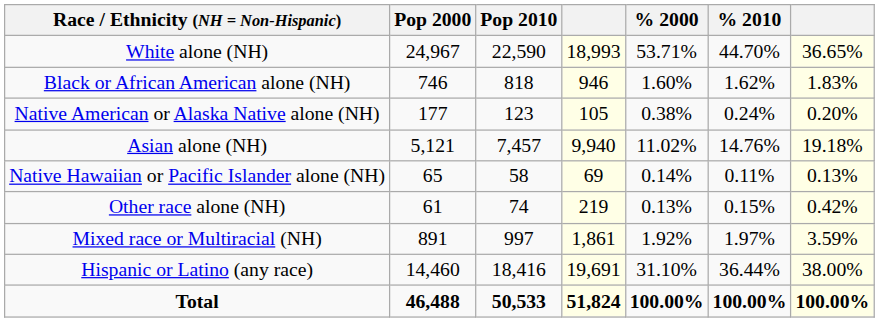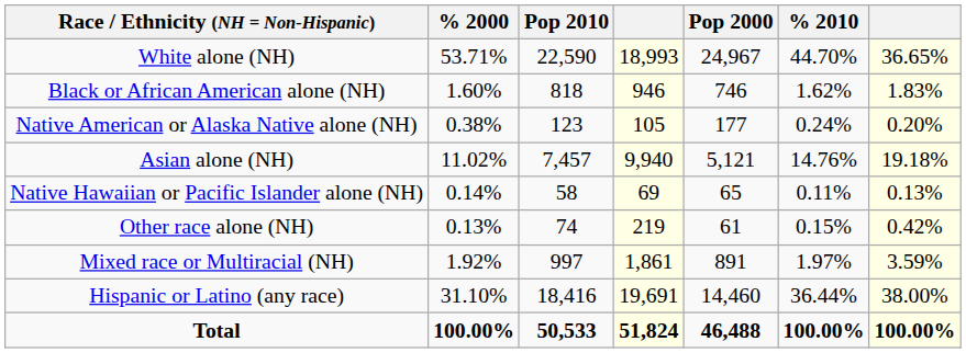 <table class="wikitable" style="text-align:center;">
 <tr>
 <th>Race / Ethnicity <small>(<em>NH = Non-Hispanic</em>)</small></th>
-<th>Pop 2000</th>
+<th>% 2000</th>
 <th>Pop 2010</th>
 <th></th>
-<th>% 2000</th>
+<th>Pop 2000</th>
 <th>% 2010</th>
 <th></th>
 </tr>
 <tr>
 <td><a href='#'>White</a> alone (NH)</td>
-<td>24,967</td>
+<td>53.71%</td>
 <td>22,590</td>
 <td style='background: #ffffe6;'>18,993</td>
-<td>53.71%</td>
+<td>24,967</td>
 <td>44.70%</td>
 <td style='background: #ffffe6;'>36.65%</td>
 </tr>
 <tr>
 <td><a href='#'>Black or African American</a> alone (NH)</td>
-<td>746</td>
+<td>1.60%</td>
 <td>818</td>
 <td style='background: #ffffe6;'>946</td>
-<td>1.60%</td>
+<td>746</td>
 <td>1.62%</td>
 <td style='background: #ffffe6;'>1.83%</td>
 </tr>
 <tr>
 <td><a href='#'>Native American</a> or <a href='#'>Alaska Native</a> alone (NH)</td>
-<td>177</td>
+<td>0.38%</td>
 <td>123</td>
 <td style='background: #ffffe6;'>105</td>
-<td>0.38%</td>
+<td>177</td>
 <td>0.24%</td>
 <td style='background: #ffffe6;'>0.20%</td>
 </tr>
 <tr>
 <td><a href='#'>Asian</a> alone (NH)</td>
-<td>5,121</td>
+<td>11.02%</td>
 <td>7,457</td>
 <td style='background: #ffffe6;'>9,940</td>
-<td>11.02%</td>
+<td>5,121</td>
 <td>14.76%</td>
 <td style='background: #ffffe6;'>19.18%</td>
 </tr>
 <tr>
 <td><a href='#'>Native Hawaiian</a> or <a href='#'>Pacific Islander</a> alone (NH)</td>
-<td>65</td>
+<td>0.14%</td>
 <td>58</td>
 <td style='background: #ffffe6;'>69</td>
-<td>0.14%</td>
+<td>65</td>
 <td>0.11%</td>
 <td style='background: #ffffe6;'>0.13%</td>
 </tr>
 <tr>
 <td><a href='#'>Other race</a> alone (NH)</td>
-<td>61</td>
+<td>0.13%</td>
 <td>74</td>
 <td style='background: #ffffe6;'>219</td>
-<td>0.13%</td>
+<td>61</td>
 <td>0.15%</td>
 <td style='background: #ffffe6;'>0.42%</td>
 </tr>
 <tr>
 <td><a href='#'>Mixed race or Multiracial</a> (NH)</td>
-<td>891</td>
+<td>1.92%</td>
 <td>997</td>
 <td style='background: #ffffe6;'>1,861</td>
-<td>1.92%</td>
+<td>891</td>
 <td>1.97%</td>
 <td style='background: #ffffe6;'>3.59%</td>
 </tr>
 <tr>
 <td><a href='#'>Hispanic or Latino</a> (any race)</td>
-<td>14,460</td>
+<td>31.10%</td>
 <td>18,416</td>
 <td style='background: #ffffe6;'>19,691</td>
-<td>31.10%</td>
+<td>14,460</td>
 <td>36.44%</td>
 <td style='background: #ffffe6;'>38.00%</td>
 </tr>
 <tr>
 <td><strong>Total</strong></td>
-<td><strong>46,488</strong></td>
+<td><strong>100.00%</strong></td>
 <td><strong>50,533</strong></td>
 <td style='background: #ffffe6;'><strong>51,824 </strong></td>
-<td><strong>100.00%</strong></td>
+<td><strong>46,488</strong></td>
 <td><strong>100.00%</strong></td>
 <td style='background: #ffffe6;'><strong>100.00%</strong></td>
 </tr>
 </table>
